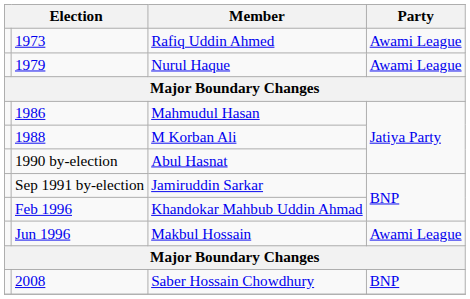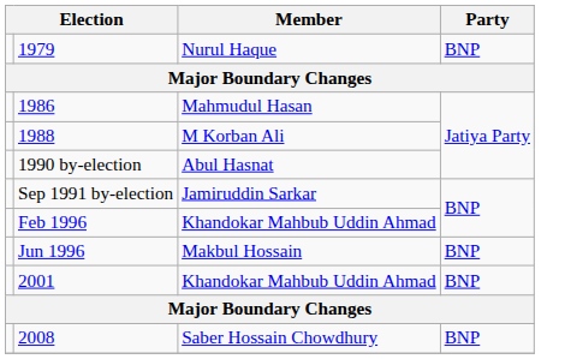 <table class="wikitable">
 <tr>
 <th colspan="2">Election</th>
 <th>Member</th>
 <th>Party</th>
 </tr>
 <tr>
 <td style="background-color:"></td>
-<td><a href='#'>1973</a></td>
-<td><a href='#'>Rafiq Uddin Ahmed</a></td>
-<td><a href='#'>Awami League</a></td>
-</tr>
-<tr>
-<td style="background-color:"></td>
 <td><a href='#'>1979</a></td>
 <td><a href='#'>Nurul Haque</a></td>
-<td><a href='#'>Awami League</a></td>
+<td><a href='#'>BNP</a></td>
 </tr>
 <tr>
 <th colspan="4">Major Boundary Changes</th>
 </tr>
 <tr>
 <td style="background-color:"></td>
 <td><a href='#'>1986</a></td>
 <td><a href='#'>Mahmudul Hasan</a></td>
 <td rowspan="3"><a href='#'>Jatiya Party</a></td>
 </tr>
 <tr>
 <td style="background-color:"></td>
 <td><a href='#'>1988</a></td>
 <td><a href='#'>M Korban Ali</a></td>
 </tr>
 <tr>
 <td style="background-color:"></td>
 <td>1990 by-election</td>
 <td><a href='#'>Abul Hasnat</a></td>
 </tr>
 <tr>
 <td style="background-color:"></td>
 <td>Sep 1991 by-election</td>
 <td><a href='#'>Jamiruddin Sarkar</a></td>
 <td rowspan="2"><a href='#'>BNP</a></td>
 </tr>
 <tr>
 <td style="background-color:"></td>
 <td><a href='#'>Feb 1996</a></td>
 <td><a href='#'>Khandokar Mahbub Uddin Ahmad</a></td>
 </tr>
 <tr>
 <td style="background-color:"></td>
 <td><a href='#'>Jun 1996</a></td>
 <td><a href='#'>Makbul Hossain</a></td>
-<td><a href='#'>Awami League</a></td>
+<td><a href='#'>BNP</a></td>
+</tr>
+<tr>
+<td style="background-color:"></td>
+<td><a href='#'>2001</a></td>
+<td><a href='#'>Khandokar Mahbub Uddin Ahmad</a></td>
+<td><a href='#'>BNP</a></td>
 </tr>
 <tr>
 <th colspan="4">Major Boundary Changes</th>
 </tr>
 <tr>
 <td style="background-color:"></td>
 <td><a href='#'>2008</a></td>
 <td><a href='#'>Saber Hossain Chowdhury</a></td>
 <td><a href='#'>BNP</a></td>
 </tr>
 <tr>
 </tr>
 </table>
